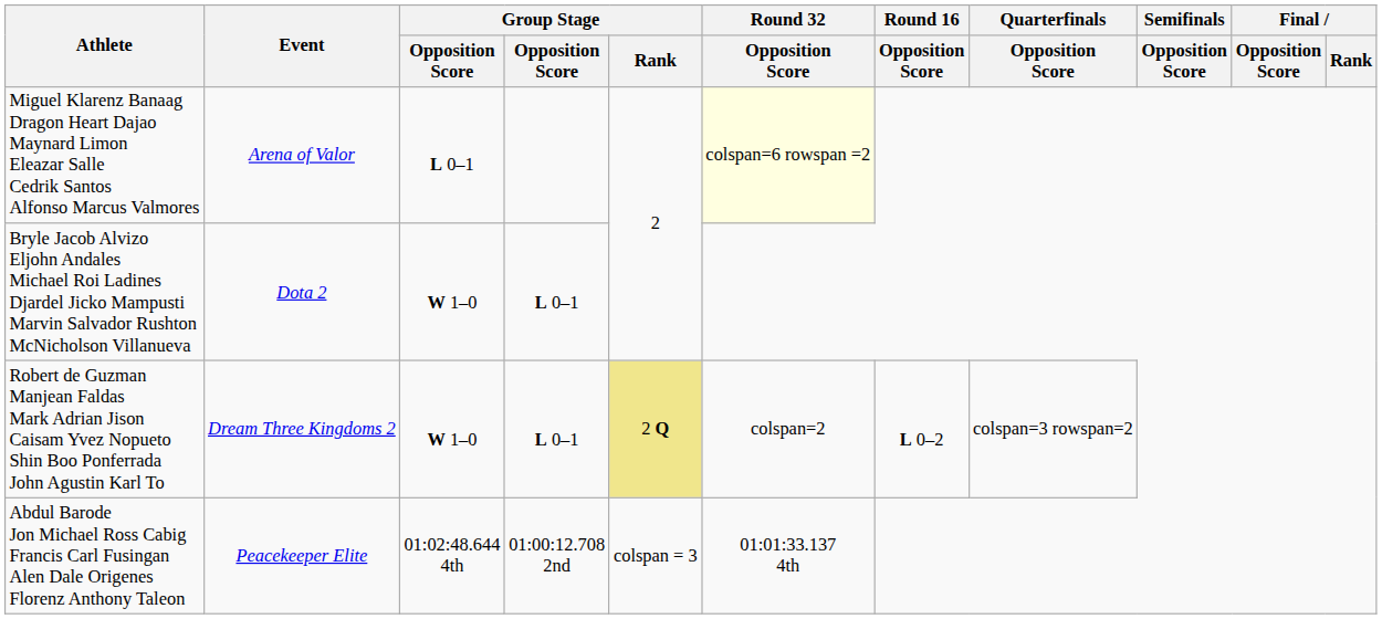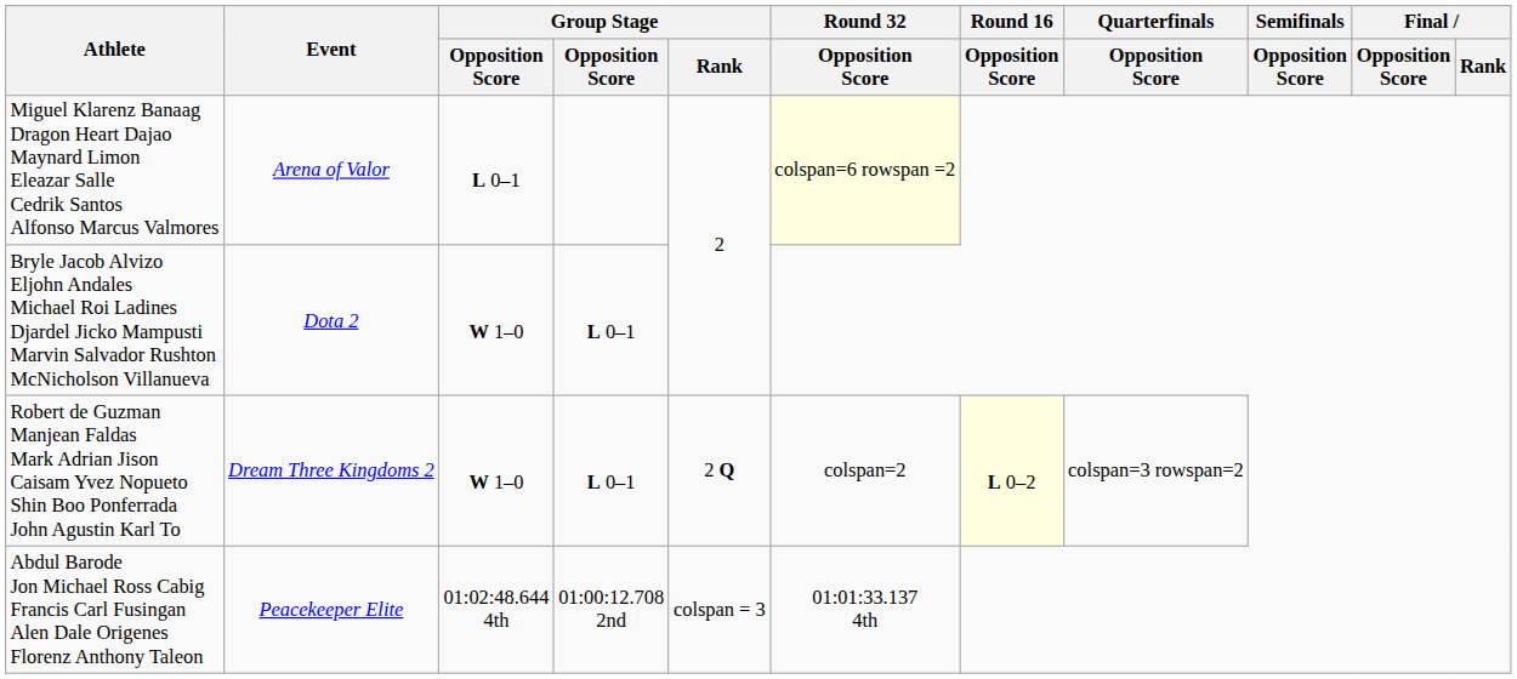 <table class=wikitable style="text-align:center; font-size:90%">
 <tr>
 <th rowspan=2>Athlete</th>
 <th rowspan=2>Event</th>
 <th colspan=3>Group Stage</th>
 <th>Round 32</th>
 <th>Round 16</th>
 <th>Quarterfinals</th>
 <th>Semifinals</th>
 <th colspan=2>Final / </th>
 </tr>
 <tr>
 <th>Opposition<br>Score</th>
 <th>Opposition<br>Score</th>
 <th>Rank</th>
 <th>Opposition<br>Score</th>
 <th>Opposition<br>Score</th>
 <th>Opposition<br>Score</th>
 <th>Opposition<br>Score</th>
 <th>Opposition<br>Score</th>
 <th>Rank</th>
 </tr>
 <tr>
 <td align=left>Miguel Klarenz Banaag<br>Dragon Heart Dajao<br>Maynard Limon<br>Eleazar Salle<br>Cedrik Santos<br>Alfonso Marcus Valmores</td>
 <td><em><a href='#'>Arena of Valor</a></em></td>
 <td><br><strong>L</strong> 0–1</td>
 <td></td>
 <td rowspan=2>2</td>
 <td style="background: lightyellow;">colspan=6 rowspan =2 </td>
 </tr>
 <tr>
 <td align=left>Bryle Jacob Alvizo<br>Eljohn Andales<br>Michael Roi Ladines<br>Djardel Jicko Mampusti<br>Marvin Salvador Rushton<br>McNicholson Villanueva</td>
 <td><em><a href='#'>Dota 2</a></em></td>
 <td><br><strong>W</strong> 1–0</td>
 <td><br><strong>L</strong> 0–1</td>
 </tr>
 <tr>
 <td align=left>Robert de Guzman<br>Manjean Faldas<br>Mark Adrian Jison<br>Caisam Yvez Nopueto<br>Shin Boo Ponferrada<br>John Agustin Karl To</td>
 <td><em><a href='#'>Dream Three Kingdoms 2</a></em></td>
 <td><br><strong>W</strong> 1–0</td>
 <td><br><strong>L</strong> 0–1</td>
-<td style="background: khaki;">2 <strong>Q</strong></td>
+<td>2 <strong>Q</strong></td>
 <td>colspan=2 </td>
-<td><br><strong>L</strong>  0–2</td>
+<td style="background: lightyellow;"><br><strong>L</strong>  0–2</td>
 <td>colspan=3 rowspan=2 </td>
 </tr>
 <tr>
 <td align=left>Abdul Barode<br>Jon Michael Ross Cabig<br>Francis Carl Fusingan<br>Alen Dale Origenes<br>Florenz Anthony Taleon</td>
 <td><em><a href='#'>Peacekeeper Elite</a></em></td>
 <td>01:02:48.644<br> 4th</td>
 <td>01:00:12.708<br> 2nd</td>
 <td>colspan = 3</td>
 <td>01:01:33.137<br> 4th</td>
 </tr>
 </table>
